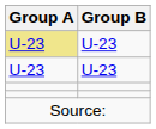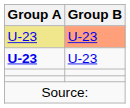 <table class="wikitable">
 <tr>
 <th>Group A</th>
 <th>Group B</th>
 </tr>
 <tr>
 <td style="background: khaki;"> <a href='#'>U-23</a></td>
-<td> <a href='#'>U-23</a></td>
+<td style="background: lightsalmon;"> <a href='#'>U-23</a></td>
 </tr>
 <tr>
-<td> <a href='#'>U-23</a></td>
+<td><strong> <a href='#'>U-23</a></strong></td>
 <td> <a href='#'>U-23</a></td>
 </tr>
 <tr>
 <td></td>
 <td></td>
 </tr>
 <tr>
 <td></td>
 <td></td>
 </tr>
 <tr>
 <td colspan="2" align="center">Source:</td>
 </tr>
 </table>
